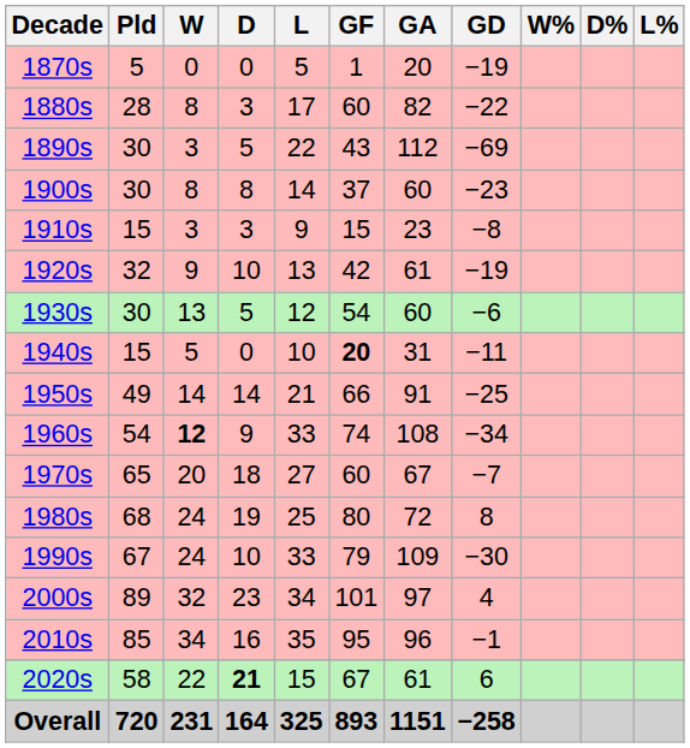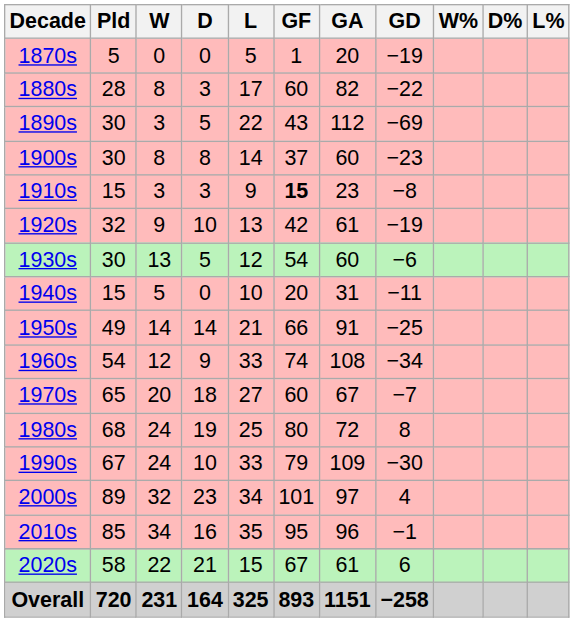 <table class="wikitable sortable" style="text-align:center;">
 <tr>
 <th>Decade</th>
 <th>Pld</th>
 <th>W</th>
 <th>D</th>
 <th>L</th>
 <th>GF</th>
 <th>GA</th>
 <th>GD</th>
 <th>W%</th>
 <th>D%</th>
 <th>L%</th>
 </tr>
 <tr bgcolor="#ffbbbb">
 <td><a href='#'>1870s</a></td>
 <td>5</td>
 <td>0</td>
 <td>0</td>
 <td>5</td>
 <td>1</td>
 <td>20</td>
 <td>−19</td>
 <td></td>
 <td></td>
 <td></td>
 </tr>
 <tr bgcolor="#ffbbbb">
 <td><a href='#'>1880s</a></td>
 <td>28</td>
 <td>8</td>
 <td>3</td>
 <td>17</td>
 <td>60</td>
 <td>82</td>
 <td>−22</td>
 <td></td>
 <td></td>
 <td></td>
 </tr>
 <tr bgcolor="#ffbbbb">
 <td><a href='#'>1890s</a></td>
 <td>30</td>
 <td>3</td>
 <td>5</td>
 <td>22</td>
 <td>43</td>
 <td>112</td>
 <td>−69</td>
 <td></td>
 <td></td>
 <td></td>
 </tr>
 <tr bgcolor="#ffbbbb">
 <td><a href='#'>1900s</a></td>
 <td>30</td>
 <td>8</td>
 <td>8</td>
 <td>14</td>
 <td>37</td>
 <td>60</td>
 <td>−23</td>
 <td></td>
 <td></td>
 <td></td>
 </tr>
 <tr bgcolor="#ffbbbb">
 <td><a href='#'>1910s</a></td>
 <td>15</td>
 <td>3</td>
 <td>3</td>
 <td>9</td>
-<td>15</td>
+<td><strong>15</strong></td>
 <td>23</td>
 <td>−8</td>
 <td></td>
 <td></td>
 <td></td>
 </tr>
 <tr bgcolor="#ffbbbb">
 <td><a href='#'>1920s</a></td>
 <td>32</td>
 <td>9</td>
 <td>10</td>
 <td>13</td>
 <td>42</td>
 <td>61</td>
 <td>−19</td>
 <td></td>
 <td></td>
 <td></td>
 </tr>
 <tr bgcolor="#bbf3bb">
 <td><a href='#'>1930s</a></td>
 <td>30</td>
 <td>13</td>
 <td>5</td>
 <td>12</td>
 <td>54</td>
 <td>60</td>
 <td>−6</td>
 <td></td>
 <td></td>
 <td></td>
 </tr>
 <tr bgcolor="#ffbbbb">
 <td><a href='#'>1940s</a></td>
 <td>15</td>
 <td>5</td>
 <td>0</td>
 <td>10</td>
-<td><strong>20</strong></td>
+<td>20</td>
 <td>31</td>
 <td>−11</td>
 <td></td>
 <td></td>
 <td></td>
 </tr>
 <tr bgcolor="#ffbbbb">
 <td><a href='#'>1950s</a></td>
 <td>49</td>
 <td>14</td>
 <td>14</td>
 <td>21</td>
 <td>66</td>
 <td>91</td>
 <td>−25</td>
 <td></td>
 <td></td>
 <td></td>
 </tr>
 <tr bgcolor="#ffbbbb">
 <td><a href='#'>1960s</a></td>
 <td>54</td>
-<td><strong>12</strong></td>
+<td>12</td>
 <td>9</td>
 <td>33</td>
 <td>74</td>
 <td>108</td>
 <td>−34</td>
 <td></td>
 <td></td>
 <td></td>
 </tr>
 <tr bgcolor="#ffbbbb">
 <td><a href='#'>1970s</a></td>
 <td>65</td>
 <td>20</td>
 <td>18</td>
 <td>27</td>
 <td>60</td>
 <td>67</td>
 <td>−7</td>
 <td></td>
 <td></td>
 <td></td>
 </tr>
 <tr bgcolor="#ffbbbb">
 <td><a href='#'>1980s</a></td>
 <td>68</td>
 <td>24</td>
 <td>19</td>
 <td>25</td>
 <td>80</td>
 <td>72</td>
 <td>8</td>
 <td></td>
 <td></td>
 <td></td>
 </tr>
 <tr bgcolor="#ffbbbb">
 <td><a href='#'>1990s</a></td>
 <td>67</td>
 <td>24</td>
 <td>10</td>
 <td>33</td>
 <td>79</td>
 <td>109</td>
 <td>−30</td>
 <td></td>
 <td></td>
 <td></td>
 </tr>
 <tr bgcolor="#ffbbbb">
 <td><a href='#'>2000s</a></td>
 <td>89</td>
 <td>32</td>
 <td>23</td>
 <td>34</td>
 <td>101</td>
 <td>97</td>
 <td>4</td>
 <td></td>
 <td></td>
 <td></td>
 </tr>
 <tr bgcolor="#ffbbbb">
 <td><a href='#'>2010s</a></td>
 <td>85</td>
 <td>34</td>
 <td>16</td>
 <td>35</td>
 <td>95</td>
 <td>96</td>
 <td>−1</td>
 <td></td>
 <td></td>
 <td></td>
 </tr>
 <tr>
 </tr>
 <tr bgcolor="#bbf3bb">
 <td><a href='#'>2020s</a></td>
 <td>58</td>
 <td>22</td>
-<td><strong>21</strong></td>
+<td>21</td>
 <td>15</td>
 <td>67</td>
 <td>61</td>
 <td>6</td>
 <td></td>
 <td></td>
 <td></td>
 </tr>
 <tr>
 <th style="background:#D0D0D0;">Overall</th>
 <th style="background:#D0D0D0;">720</th>
 <th style="background:#D0D0D0;">231</th>
 <th style="background:#D0D0D0;">164</th>
 <th style="background:#D0D0D0;">325</th>
 <th style="background:#D0D0D0;">893</th>
 <th style="background:#D0D0D0;">1151</th>
 <th style="background:#D0D0D0;">−258</th>
 <th style="background:#D0D0D0;"></th>
 <th style="background:#D0D0D0;"></th>
 <th style="background:#D0D0D0;"></th>
 </tr>
 </table>
